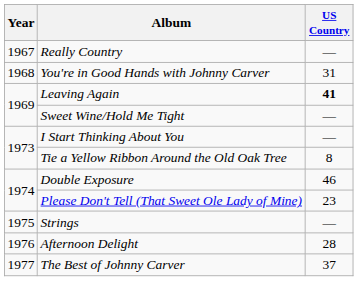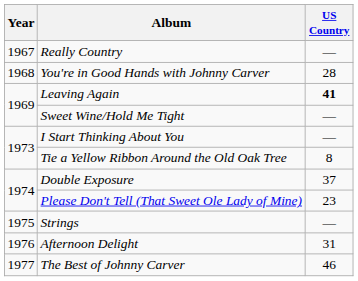 <table class="wikitable">
 <tr>
 <th>Year</th>
 <th>Album</th>
 <th width="50"><small><a href='#'>US Country</a></small></th>
 </tr>
 <tr>
 <td>1967</td>
 <td><em>Really Country</em></td>
 <td align="center">—</td>
 </tr>
 <tr>
 <td>1968</td>
 <td><em>You're in Good Hands with Johnny Carver</em></td>
-<td align="center">31</td>
+<td align="center">28</td>
 </tr>
 <tr>
 <td rowspan=2>1969</td>
 <td><em>Leaving Again</em></td>
 <td align="center"><strong>41</strong></td>
 </tr>
 <tr>
 <td><em>Sweet Wine/Hold Me Tight</em></td>
 <td align="center">—</td>
 </tr>
 <tr>
 <td rowspan=2>1973</td>
 <td><em>I Start Thinking About You</em></td>
 <td align="center">—</td>
 </tr>
 <tr>
 <td><em>Tie a Yellow Ribbon Around the Old Oak Tree</em></td>
 <td align="center">8</td>
 </tr>
 <tr>
 <td rowspan=2>1974</td>
 <td><em>Double Exposure</em></td>
-<td align="center">46</td>
+<td align="center">37</td>
 </tr>
 <tr>
 <td><em><a href='#'>Please Don't Tell (That Sweet Ole Lady of Mine)</a></em></td>
 <td align="center">23</td>
 </tr>
 <tr>
 <td>1975</td>
 <td><em>Strings</em></td>
 <td align="center">—</td>
 </tr>
 <tr>
 <td>1976</td>
 <td><em>Afternoon Delight</em></td>
-<td align="center">28</td>
+<td align="center">31</td>
 </tr>
 <tr>
 <td>1977</td>
 <td><em>The Best of Johnny Carver</em></td>
-<td align="center">37</td>
+<td align="center">46</td>
 </tr>
 </table>
